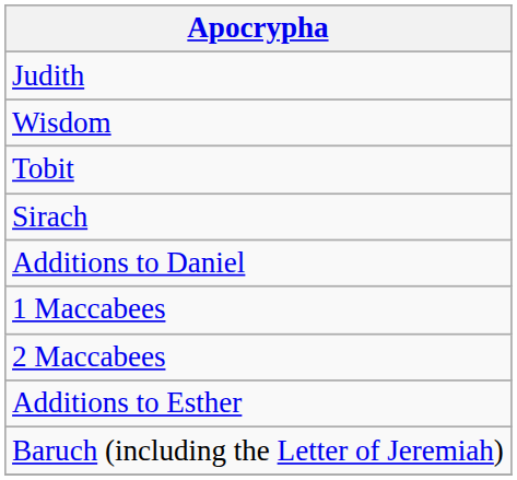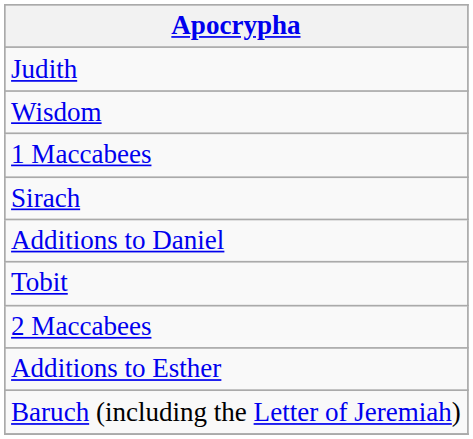 <table class=wikitable>
 <tr>
 <th><a href='#'>Apocrypha</a></th>
 </tr>
 <tr>
 <td><a href='#'>Judith</a></td>
 </tr>
 <tr>
 <td><a href='#'>Wisdom</a></td>
 </tr>
 <tr>
-<td><a href='#'>Tobit</a></td>
+<td><a href='#'>1 Maccabees</a></td>
 </tr>
 <tr>
 <td><a href='#'>Sirach</a></td>
 </tr>
 <tr>
 <td><a href='#'>Additions to Daniel</a></td>
 </tr>
 <tr>
-<td><a href='#'>1 Maccabees</a></td>
+<td><a href='#'>Tobit</a></td>
 </tr>
 <tr>
 <td><a href='#'>2 Maccabees</a></td>
 </tr>
 <tr>
 <td><a href='#'>Additions to Esther</a></td>
 </tr>
 <tr>
 <td><a href='#'>Baruch</a> (including the <a href='#'>Letter of Jeremiah</a>)</td>
 </tr>
 <tr>
 </tr>
 </table>
